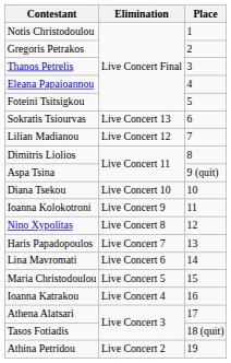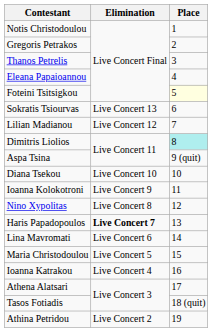 <table class="wikitable" style="font-size:90%;">
 <tr>
 <th>Contestant</th>
 <th>Elimination</th>
 <th>Place</th>
 </tr>
 <tr>
 <td>Notis Christodoulou</td>
 <td rowspan="5">Live Concert Final</td>
 <td>1</td>
 </tr>
 <tr>
 <td>Gregoris Petrakos</td>
 <td>2</td>
 </tr>
 <tr>
 <td><a href='#'>Thanos Petrelis</a></td>
 <td>3</td>
 </tr>
 <tr>
 <td><a href='#'>Eleana Papaioannou</a></td>
 <td>4</td>
 </tr>
 <tr>
 <td>Foteini Tsitsigkou</td>
-<td>5</td>
+<td style="background: lightyellow;">5</td>
 </tr>
 <tr>
 <td>Sokratis Tsiourvas</td>
 <td>Live Concert 13</td>
 <td>6</td>
 </tr>
 <tr>
 <td>Lilian Madianou </td>
 <td>Live Concert 12</td>
 <td>7</td>
 </tr>
 <tr>
 <td>Dimitris Liolios </td>
 <td rowspan="2">Live Concert 11</td>
-<td>8</td>
+<td style="background: paleturquoise;">8</td>
 </tr>
 <tr>
 <td>Aspa Tsina</td>
 <td>9 (quit)</td>
 </tr>
 <tr>
 <td>Diana Tsekou </td>
 <td>Live Concert 10</td>
 <td>10</td>
 </tr>
 <tr>
 <td>Ioanna Kolokotroni</td>
 <td>Live Concert 9</td>
 <td>11</td>
 </tr>
 <tr>
 <td><a href='#'>Nino Xypolitas</a></td>
 <td>Live Concert 8</td>
 <td>12</td>
 </tr>
 <tr>
 <td>Haris Papadopoulos</td>
-<td>Live Concert 7</td>
+<td><strong>Live Concert 7</strong></td>
 <td>13</td>
 </tr>
 <tr>
 <td>Lina Mavromati</td>
 <td>Live Concert 6</td>
 <td>14</td>
 </tr>
 <tr>
 <td>Maria Christodoulou</td>
 <td>Live Concert 5</td>
 <td>15</td>
 </tr>
 <tr>
 <td>Ioanna Katrakou</td>
 <td>Live Concert 4</td>
 <td>16</td>
 </tr>
 <tr>
 <td>Athena Alatsari</td>
 <td rowspan="2">Live Concert 3</td>
 <td>17</td>
 </tr>
 <tr>
 <td>Tasos Fotiadis</td>
 <td>18 (quit)</td>
 </tr>
 <tr>
 <td>Athina Petridou</td>
 <td>Live Concert 2</td>
 <td>19</td>
 </tr>
 </table>
